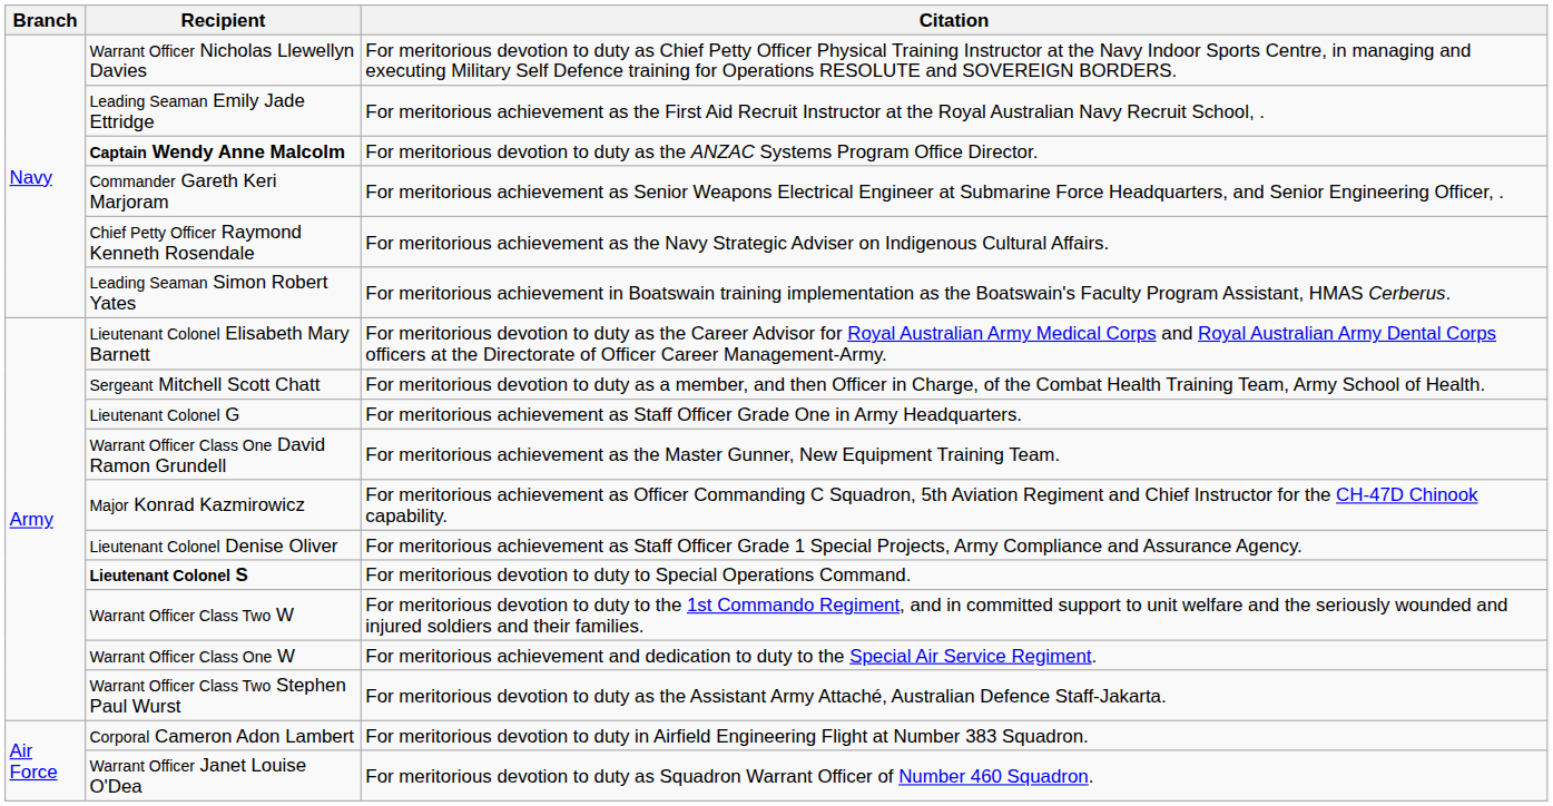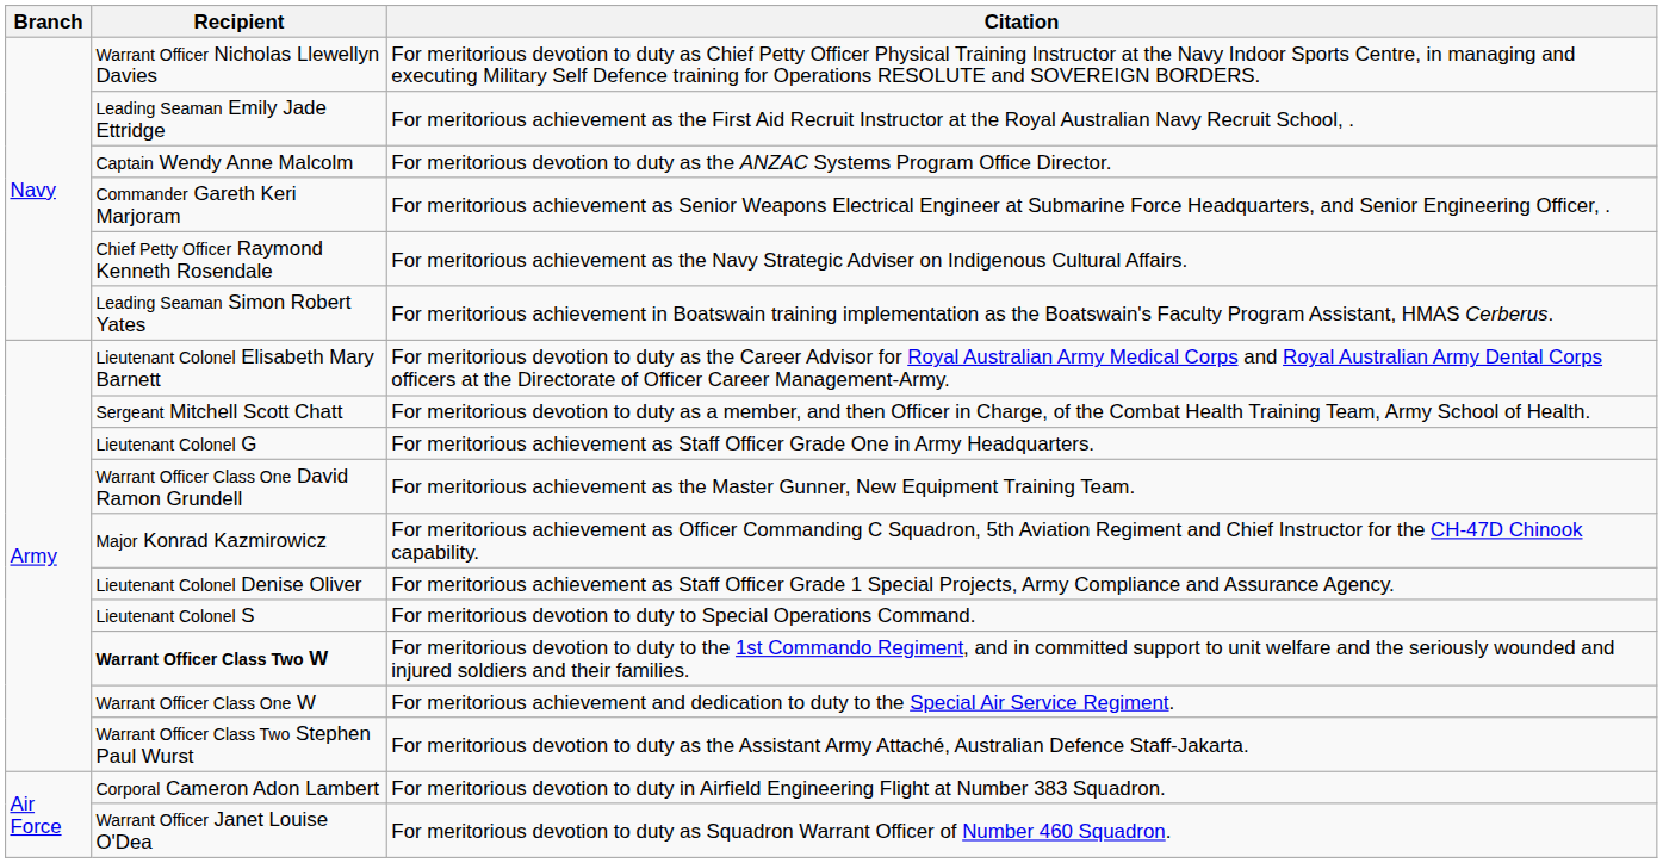 <table class="wikitable" style="font-size:95%;">
 <tr>
 <th>Branch</th>
 <th>Recipient</th>
 <th>Citation</th>
 </tr>
 <tr>
 <td rowspan="6"><a href='#'>Navy</a></td>
 <td><small>Warrant Officer</small> Nicholas Llewellyn Davies</td>
 <td>For meritorious devotion to duty as Chief Petty Officer Physical Training Instructor at the Navy Indoor Sports Centre, in managing and executing Military Self Defence training for Operations RESOLUTE and SOVEREIGN BORDERS.</td>
 </tr>
 <tr>
 <td><small>Leading Seaman</small> Emily Jade Ettridge</td>
 <td>For meritorious achievement as the First Aid Recruit Instructor at the Royal Australian Navy Recruit School, .</td>
 </tr>
 <tr>
-<td><strong><small>Captain</small> Wendy Anne Malcolm </strong></td>
+<td><small>Captain</small> Wendy Anne Malcolm </td>
 <td>For meritorious devotion to duty as the <em>ANZAC</em> Systems Program Office Director.</td>
 </tr>
 <tr>
 <td><small>Commander</small> Gareth Keri Marjoram </td>
 <td>For meritorious achievement as Senior Weapons Electrical Engineer at Submarine Force Headquarters,  and Senior Engineering Officer, .</td>
 </tr>
 <tr>
 <td><small>Chief Petty Officer</small>  Raymond Kenneth Rosendale</td>
 <td>For meritorious achievement as the Navy Strategic Adviser on Indigenous Cultural Affairs.</td>
 </tr>
 <tr>
 <td><small>Leading Seaman</small> Simon Robert Yates</td>
 <td>For meritorious achievement in Boatswain training implementation as the Boatswain's Faculty Program Assistant, HMAS <em>Cerberus</em>.</td>
 </tr>
 <tr>
 <td rowspan="10"><a href='#'>Army</a></td>
 <td><small>Lieutenant Colonel</small> Elisabeth Mary Barnett</td>
 <td>For meritorious devotion to duty as the Career Advisor for <a href='#'>Royal Australian Army Medical Corps</a> and <a href='#'>Royal Australian Army Dental Corps</a> officers at the Directorate of Officer Career Management-Army.</td>
 </tr>
 <tr>
 <td><small>Sergeant</small> Mitchell Scott Chatt</td>
 <td>For meritorious devotion to duty as a member, and then Officer in Charge, of the Combat Health Training Team, Army School of Health.</td>
 </tr>
 <tr>
 <td><small>Lieutenant Colonel</small> G</td>
 <td>For meritorious achievement as Staff Officer Grade One in Army Headquarters.</td>
 </tr>
 <tr>
 <td><small>Warrant Officer Class One</small> David Ramon Grundell</td>
 <td>For meritorious achievement as the Master Gunner, New Equipment Training Team.</td>
 </tr>
 <tr>
 <td><small>Major</small> Konrad Kazmirowicz</td>
 <td>For meritorious achievement as Officer Commanding C Squadron, 5th Aviation Regiment and Chief Instructor for the <a href='#'>CH-47D Chinook</a> capability.</td>
 </tr>
 <tr>
 <td><small>Lieutenant Colonel</small> Denise Oliver</td>
 <td>For meritorious achievement as Staff Officer Grade 1 Special Projects, Army Compliance and Assurance Agency.</td>
 </tr>
 <tr>
-<td><strong><small>Lieutenant Colonel</small> S</strong></td>
+<td><small>Lieutenant Colonel</small> S</td>
 <td>For meritorious devotion to duty to Special Operations Command.</td>
 </tr>
 <tr>
-<td><small>Warrant Officer Class Two</small> W</td>
+<td><strong><small>Warrant Officer Class Two</small> W</strong></td>
 <td>For meritorious devotion to duty to the <a href='#'>1st Commando Regiment</a>, and in committed support to unit welfare and the seriously wounded and injured soldiers and their families.</td>
 </tr>
 <tr>
 <td><small>Warrant Officer Class One</small> W</td>
 <td>For meritorious achievement and dedication to duty to the <a href='#'>Special Air Service Regiment</a>.</td>
 </tr>
 <tr>
 <td><small>Warrant Officer Class Two</small> Stephen Paul Wurst</td>
 <td>For meritorious devotion to duty as the Assistant Army Attaché, Australian Defence Staff-Jakarta.</td>
 </tr>
 <tr>
 <td rowspan="2"><a href='#'>Air Force</a></td>
 <td><small>Corporal</small> Cameron Adon Lambert</td>
 <td>For meritorious devotion to duty in Airfield Engineering Flight at Number 383 Squadron.</td>
 </tr>
 <tr>
 <td><small>Warrant Officer</small> Janet Louise O'Dea</td>
 <td>For meritorious devotion to duty as Squadron Warrant Officer of <a href='#'>Number 460 Squadron</a>.</td>
 </tr>
 </table>
